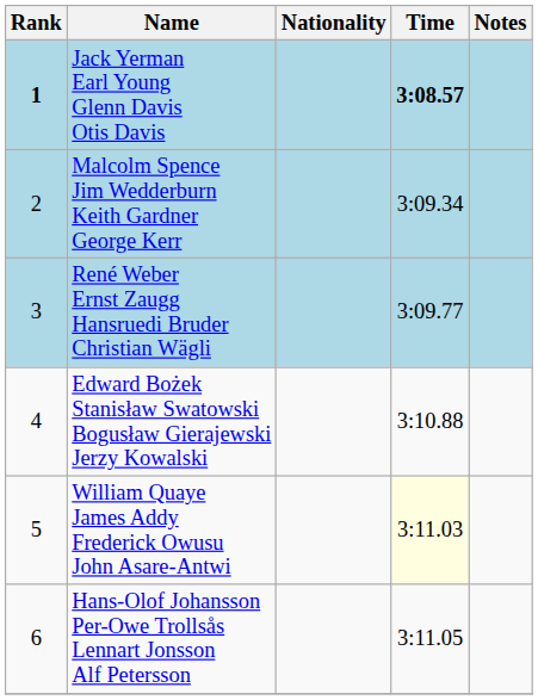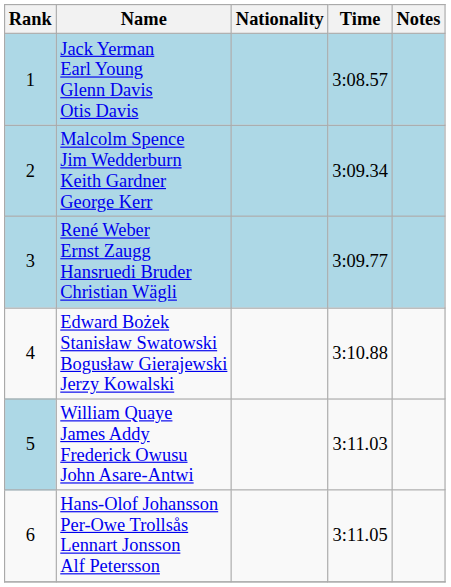 <table class="wikitable sortable" style="text-align:center">
 <tr>
 <th>Rank</th>
 <th>Name</th>
 <th>Nationality</th>
 <th>Time</th>
 <th>Notes</th>
 </tr>
 <tr bgcolor=lightblue>
-<td><strong>1</strong></td>
+<td>1</td>
 <td align=left><a href='#'>Jack Yerman</a><br><a href='#'>Earl Young</a><br><a href='#'>Glenn Davis</a><br><a href='#'>Otis Davis</a></td>
 <td align=left></td>
-<td><strong>3:08.57</strong></td>
+<td>3:08.57</td>
 <td></td>
 </tr>
 <tr bgcolor=lightblue>
 <td>2</td>
 <td align=left><a href='#'>Malcolm Spence</a><br><a href='#'>Jim Wedderburn</a><br><a href='#'>Keith Gardner</a><br><a href='#'>George Kerr</a></td>
 <td align=left></td>
 <td>3:09.34</td>
 <td></td>
 </tr>
 <tr bgcolor=lightblue>
 <td>3</td>
 <td align=left><a href='#'>René Weber</a><br><a href='#'>Ernst Zaugg</a><br><a href='#'>Hansruedi Bruder</a><br><a href='#'>Christian Wägli</a></td>
 <td align=left></td>
 <td>3:09.77</td>
 <td></td>
 </tr>
 <tr>
 <td>4</td>
 <td align=left><a href='#'>Edward Bożek</a><br><a href='#'>Stanisław Swatowski</a><br><a href='#'>Bogusław Gierajewski</a><br><a href='#'>Jerzy Kowalski</a></td>
 <td align=left></td>
 <td>3:10.88</td>
 <td></td>
 </tr>
 <tr>
-<td>5</td>
+<td style="background: lightblue;">5</td>
 <td align=left><a href='#'>William Quaye</a><br><a href='#'>James Addy</a><br><a href='#'>Frederick Owusu</a><br><a href='#'>John Asare-Antwi</a></td>
 <td align=left></td>
-<td style="background: lightyellow;">3:11.03</td>
+<td>3:11.03</td>
 <td></td>
 </tr>
 <tr>
 <td>6</td>
 <td align=left><a href='#'>Hans-Olof Johansson</a><br><a href='#'>Per-Owe Trollsås</a><br><a href='#'>Lennart Jonsson</a><br><a href='#'>Alf Petersson</a></td>
 <td align=left></td>
 <td>3:11.05</td>
 <td></td>
 </tr>
 <tr>
 </tr>
 </table>
